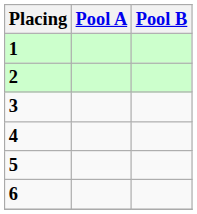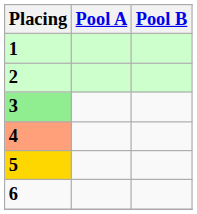 <table class=wikitable style="border:1px solid #AAAAAA;">
 <tr>
 <th>Placing</th>
 <th><a href='#'>Pool A</a></th>
 <th><a href='#'>Pool B</a></th>
 </tr>
 <tr style="background: #ccffcc;">
 <td><strong>1</strong></td>
 <td></td>
 <td></td>
 </tr>
 <tr style="background: #ccffcc;">
 <td><strong>2</strong></td>
 <td></td>
 <td></td>
 </tr>
 <tr>
-<td><strong>3</strong></td>
+<td style="background: lightgreen;"><strong>3</strong></td>
 <td></td>
 <td></td>
 </tr>
 <tr>
-<td><strong>4</strong></td>
+<td style="background: lightsalmon;"><strong>4</strong></td>
 <td></td>
 <td></td>
 </tr>
 <tr>
-<td><strong>5</strong></td>
+<td style="background: gold;"><strong>5</strong></td>
 <td></td>
 <td></td>
 </tr>
 <tr>
 <td><strong>6</strong></td>
 <td> </td>
 <td></td>
 </tr>
 <tr>
 </tr>
 </table>
